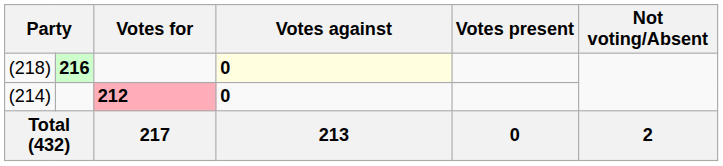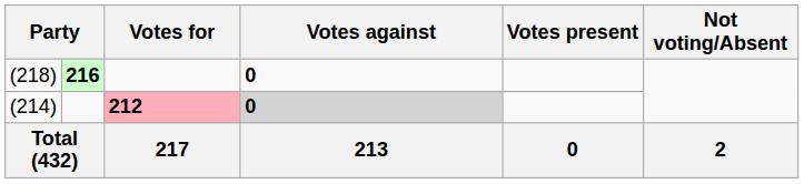 <table class="wikitable mw-collapsible mw-collapsed" style="width:50%;">
 <tr>
 <th colspan="2">Party</th>
 <th style="width:20%;">Votes for</th>
 <th style="width:40%;">Votes against</th>
 <th style="width:20%;">Votes present</th>
 <th style="width:20%;">Not voting/Absent</th>
 </tr>
 <tr>
 <td> (218)</td>
 <td style="background:#cfc;"><strong>216</strong></td>
 <td></td>
-<td style="background: lightyellow;"><strong>0</strong></td>
+<td><strong>0</strong></td>
 <td></td>
 </tr>
 <tr>
 <td> (214)</td>
 <td></td>
 <td style="background:#ffaeb9;"><strong>212</strong></td>
-<td><strong>0</strong></td>
+<td style="background: lightgrey;"><strong>0</strong></td>
 <td></td>
 </tr>
 <tr>
 <th colspan="2">Total (432)</th>
 <th>217</th>
 <th>213</th>
 <th>0</th>
 <th>2</th>
 </tr>
 </table>
